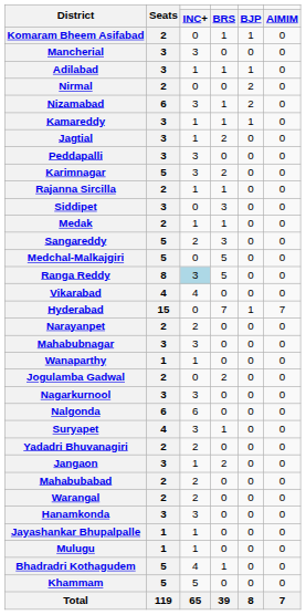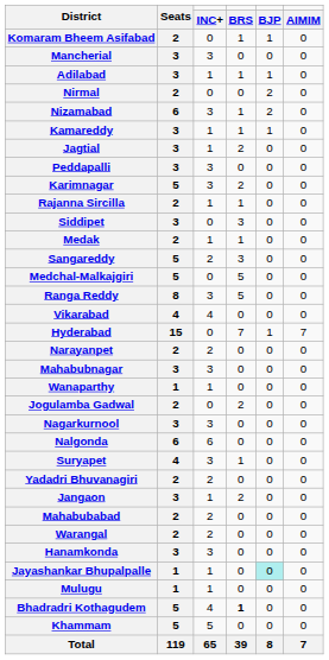 <table class="wikitable sortable" style="text-align:center;">
 <tr>
 <th rowspan="2" class="wikitable">District</th>
 <th rowspan="2" class="wikitable">Seats</th>
 <td></td>
 <td></td>
 <td></td>
 <td></td>
 </tr>
 <tr>
 <th class="wikitable"><a href='#'>INC</a>+</th>
 <th class="wikitable"><a href='#'>BRS</a></th>
 <th class="wikitable"><a href='#'>BJP</a></th>
 <th class="wikitable"><a href='#'>AIMIM</a></th>
 </tr>
 <tr>
 <th><a href='#'>Komaram Bheem Asifabad</a></th>
 <th>2</th>
 <td>0</td>
 <td>1</td>
 <td>1</td>
 <td>0</td>
 </tr>
 <tr>
 <th><a href='#'>Mancherial</a></th>
 <th>3</th>
 <td style="background:">3</td>
 <td>0</td>
 <td>0</td>
 <td>0</td>
 </tr>
 <tr>
 <th><a href='#'>Adilabad</a></th>
 <th>3</th>
 <td>1</td>
 <td>1</td>
 <td>1</td>
 <td>0</td>
 </tr>
 <tr>
 <th><a href='#'>Nirmal</a></th>
 <th>2</th>
 <td>0</td>
 <td>0</td>
 <td style="background:">2</td>
 <td>0</td>
 </tr>
 <tr>
 <th><a href='#'>Nizamabad</a></th>
 <th>6</th>
 <td style="background:">3</td>
 <td>1</td>
 <td>2</td>
 <td>0</td>
 </tr>
 <tr>
 <th><a href='#'>Kamareddy</a></th>
 <th>3</th>
 <td>1</td>
 <td>1</td>
 <td>1</td>
 <td>0</td>
 </tr>
 <tr>
 <th><a href='#'>Jagtial</a></th>
 <th>3</th>
 <td>1</td>
 <td style="background:">2</td>
 <td>0</td>
 <td>0</td>
 </tr>
 <tr>
 <th><a href='#'>Peddapalli</a></th>
 <th>3</th>
 <td style="background:">3</td>
 <td>0</td>
 <td>0</td>
 <td>0</td>
 </tr>
 <tr>
 <th><a href='#'>Karimnagar</a></th>
 <th>5</th>
 <td style="background:">3</td>
 <td>2</td>
 <td>0</td>
 <td>0</td>
 </tr>
 <tr>
 <th><a href='#'>Rajanna Sircilla</a></th>
 <th>2</th>
 <td>1</td>
 <td>1</td>
 <td>0</td>
 <td>0</td>
 </tr>
 <tr>
 <th><a href='#'>Siddipet</a></th>
 <th>3</th>
 <td>0</td>
 <td style="background:">3</td>
 <td>0</td>
 <td>0</td>
 </tr>
 <tr>
 <th><a href='#'>Medak</a></th>
 <th>2</th>
 <td>1</td>
 <td>1</td>
 <td>0</td>
 <td>0</td>
 </tr>
 <tr>
 <th><a href='#'>Sangareddy</a></th>
 <th>5</th>
 <td>2</td>
 <td style="background:">3</td>
 <td>0</td>
 <td>0</td>
 </tr>
 <tr>
 <th><a href='#'>Medchal-Malkajgiri</a></th>
 <th>5</th>
 <td>0</td>
 <td style="background:">5</td>
 <td>0</td>
 <td>0</td>
 </tr>
 <tr>
 <th><a href='#'>Ranga Reddy</a></th>
 <th>8</th>
-<td style="background: lightblue;">3</td>
+<td>3</td>
 <td style="background:">5</td>
 <td>0</td>
 <td>0</td>
 </tr>
 <tr>
 <th><a href='#'>Vikarabad</a></th>
 <th>4</th>
 <td style="background:">4</td>
 <td>0</td>
 <td>0</td>
 <td>0</td>
 </tr>
 <tr>
 <th><a href='#'>Hyderabad</a></th>
 <th>15</th>
 <td>0</td>
 <td>7</td>
 <td>1</td>
 <td>7</td>
 </tr>
 <tr>
 <th><a href='#'>Narayanpet</a></th>
 <th>2</th>
 <td style="background:">2</td>
 <td>0</td>
 <td>0</td>
 <td>0</td>
 </tr>
 <tr>
 <th><a href='#'>Mahabubnagar</a></th>
 <th>3</th>
 <td style="background:">3</td>
 <td>0</td>
 <td>0</td>
 <td>0</td>
 </tr>
 <tr>
 <th><a href='#'>Wanaparthy</a></th>
 <th>1</th>
 <td style="background:">1</td>
 <td>0</td>
 <td>0</td>
 <td>0</td>
 </tr>
 <tr>
 <th><a href='#'>Jogulamba Gadwal</a></th>
 <th>2</th>
 <td>0</td>
 <td style="background:">2</td>
 <td>0</td>
 <td>0</td>
 </tr>
 <tr>
 <th><a href='#'>Nagarkurnool</a></th>
 <th>3</th>
 <td style="background:">3</td>
 <td>0</td>
 <td>0</td>
 <td>0</td>
 </tr>
 <tr>
 <th><a href='#'>Nalgonda</a></th>
 <th>6</th>
 <td style="background:">6</td>
 <td>0</td>
 <td>0</td>
 <td>0</td>
 </tr>
 <tr>
 <th><a href='#'>Suryapet</a></th>
 <th>4</th>
 <td style="background:">3</td>
 <td>1</td>
 <td>0</td>
 <td>0</td>
 </tr>
 <tr>
 <th><a href='#'>Yadadri Bhuvanagiri</a></th>
 <th>2</th>
 <td style="background:">2</td>
 <td>0</td>
 <td>0</td>
 <td>0</td>
 </tr>
 <tr>
 <th><a href='#'>Jangaon</a></th>
 <th>3</th>
 <td>1</td>
 <td style="background:">2</td>
 <td>0</td>
 <td>0</td>
 </tr>
 <tr>
 <th><a href='#'>Mahabubabad</a></th>
 <th>2</th>
 <td style="background:">2</td>
 <td>0</td>
 <td>0</td>
 <td>0</td>
 </tr>
 <tr>
 <th><a href='#'>Warangal</a></th>
 <th>2</th>
 <td style="background:">2</td>
 <td>0</td>
 <td>0</td>
 <td>0</td>
 </tr>
 <tr>
 <th><a href='#'>Hanamkonda</a></th>
 <th>3</th>
 <td style="background:">3</td>
 <td>0</td>
 <td>0</td>
 <td>0</td>
 </tr>
 <tr>
 <th><a href='#'>Jayashankar Bhupalpalle</a></th>
 <th>1</th>
 <td style="background:">1</td>
 <td>0</td>
-<td>0</td>
+<td style="background: paleturquoise;">0</td>
 <td>0</td>
 </tr>
 <tr>
 <th><a href='#'>Mulugu</a></th>
 <th>1</th>
 <td style="background:">1</td>
 <td>0</td>
 <td>0</td>
 <td>0</td>
 </tr>
 <tr>
 <th><a href='#'>Bhadradri Kothagudem</a></th>
 <th>5</th>
 <td style="background:">4</td>
-<td>1</td>
+<td><strong>1</strong></td>
 <td>0</td>
 <td>0</td>
 </tr>
 <tr>
 <th><a href='#'>Khammam</a></th>
 <th>5</th>
 <td style="background:">5</td>
 <td>0</td>
 <td>0</td>
 <td>0</td>
 </tr>
 <tr>
 <th>Total</th>
 <th>119</th>
 <th>65</th>
 <th>39</th>
 <th>8</th>
 <th>7</th>
 </tr>
 </table>
